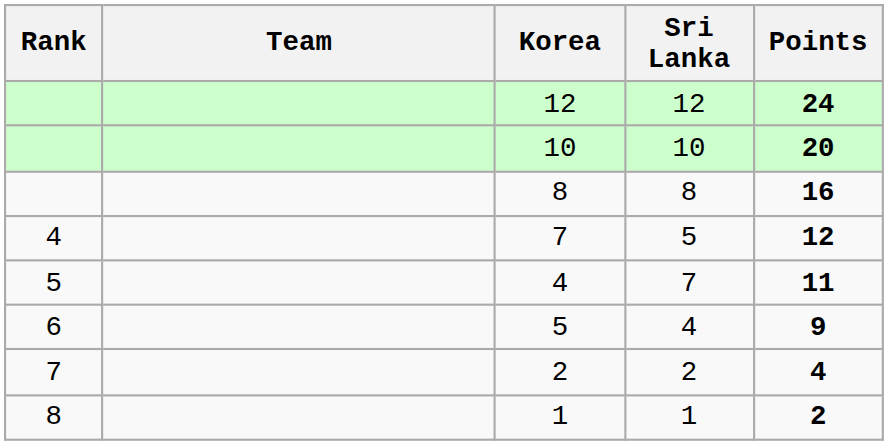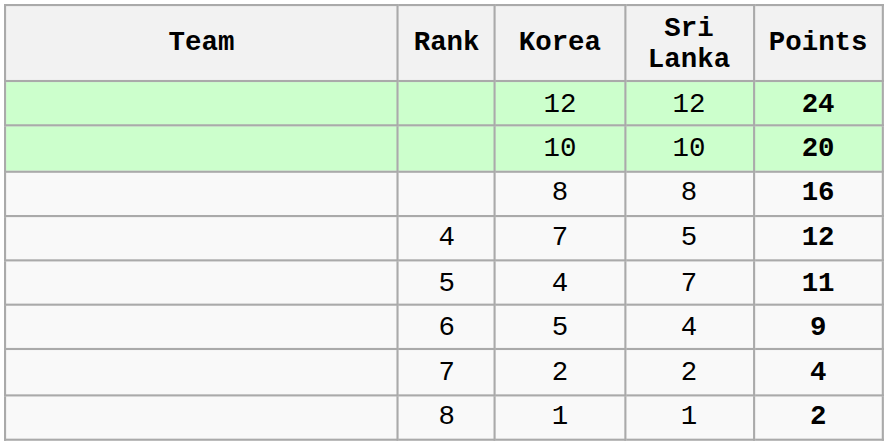 <table class="wikitable" style="text-align: center;">
 <tr>
+<th width=180>Team</th>
 <th width=40>Rank</th>
-<th width=180>Team</th>
 <th width=55>Korea</th>
 <th width=55>Sri Lanka</th>
 <th width=55>Points</th>
 </tr>
 <tr bgcolor=ccffcc>
+<td align=left></td>
 <td></td>
-<td align=left></td>
 <td>12</td>
 <td>12</td>
 <td><strong>24</strong></td>
 </tr>
 <tr bgcolor=ccffcc>
+<td align=left></td>
 <td></td>
-<td align=left></td>
 <td>10</td>
 <td>10</td>
 <td><strong>20</strong></td>
 </tr>
 <tr>
+<td align=left></td>
 <td></td>
-<td align=left></td>
 <td>8</td>
 <td>8</td>
 <td><strong>16</strong></td>
 </tr>
 <tr>
+<td align=left></td>
 <td>4</td>
-<td align=left></td>
 <td>7</td>
 <td>5</td>
 <td><strong>12</strong></td>
 </tr>
 <tr>
+<td align=left></td>
 <td>5</td>
-<td align=left></td>
 <td>4</td>
 <td>7</td>
 <td><strong>11</strong></td>
 </tr>
 <tr>
+<td align=left></td>
 <td>6</td>
-<td align=left></td>
 <td>5</td>
 <td>4</td>
 <td><strong>9</strong></td>
 </tr>
 <tr>
+<td align=left></td>
 <td>7</td>
-<td align=left></td>
 <td>2</td>
 <td>2</td>
 <td><strong>4</strong></td>
 </tr>
 <tr>
+<td align=left></td>
 <td>8</td>
-<td align=left></td>
 <td>1</td>
 <td>1</td>
 <td><strong>2</strong></td>
 </tr>
 </table>
